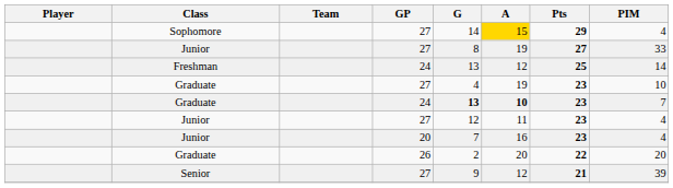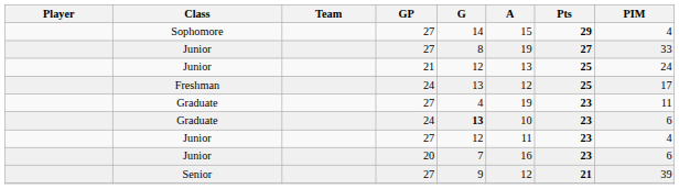 <table class="wikitable sortable" style="text-align: center; "width=60%">
 <tr>
 <th>Player</th>
 <th>Class</th>
 <th>Team</th>
 <th>GP</th>
 <th>G</th>
 <th>A</th>
 <th>Pts</th>
 <th>PIM</th>
 </tr>
 <tr>
 <td align=left></td>
 <td>Sophomore</td>
 <td><strong><a href='#'></a></strong></td>
 <td align=right>27</td>
 <td align=right>14</td>
-<td align=right style="background: gold;">15</td>
+<td align=right>15</td>
 <td align=right><strong>29</strong></td>
 <td align=right>4</td>
 </tr>
 <tr bgcolor=f0f0f0>
 <td align=left></td>
 <td>Junior</td>
 <td><strong><a href='#'></a></strong></td>
 <td align=right>27</td>
 <td align=right>8</td>
 <td align=right>19</td>
 <td align=right><strong>27</strong></td>
 <td align=right>33</td>
 </tr>
+<tr>
+<td align=left></td>
+<td>Junior</td>
+<td><strong><a href='#'></a></strong></td>
+<td align=right>21</td>
+<td align=right>12</td>
+<td align=right>13</td>
+<td align=right><strong>25</strong></td>
+<td align=right>24</td>
+</tr>
 <tr bgcolor=f0f0f0>
 <td align=left></td>
 <td>Freshman</td>
 <td><strong><a href='#'></a></strong></td>
 <td align=right>24</td>
 <td align=right>13</td>
 <td align=right>12</td>
 <td align=right><strong>25</strong></td>
-<td align=right>14</td>
+<td align=right>17</td>
 </tr>
 <tr>
 <td align=left></td>
 <td>Graduate</td>
 <td><strong><a href='#'></a></strong></td>
 <td align=right>27</td>
 <td align=right>4</td>
 <td align=right>19</td>
 <td align=right><strong>23</strong></td>
-<td align=right>10</td>
+<td align=right>11</td>
 </tr>
 <tr bgcolor=f0f0f0>
 <td align=left></td>
 <td>Graduate</td>
 <td><strong><a href='#'></a></strong></td>
 <td align=right>24</td>
 <td align=right><strong>13</strong></td>
-<td align=right><strong>10</strong></td>
+<td align=right>10</td>
 <td align=right><strong>23</strong></td>
-<td align=right>7</td>
+<td align=right>6</td>
 </tr>
 <tr>
 <td align=left></td>
 <td>Junior</td>
 <td><strong><a href='#'></a></strong></td>
 <td align=right>27</td>
 <td align=right>12</td>
 <td align=right>11</td>
 <td align=right><strong>23</strong></td>
 <td align=right>4</td>
 </tr>
 <tr bgcolor=f0f0f0>
 <td align=left></td>
 <td>Junior</td>
 <td><strong><a href='#'></a></strong></td>
 <td align=right>20</td>
 <td align=right>7</td>
 <td align=right>16</td>
 <td align=right><strong>23</strong></td>
-<td align=right>4</td>
-</tr>
-<tr>
-<td align=left></td>
-<td>Graduate</td>
-<td><strong><a href='#'></a></strong></td>
-<td align=right>26</td>
-<td align=right>2</td>
-<td align=right>20</td>
-<td align=right><strong>22</strong></td>
-<td align=right>20</td>
+<td align=right>6</td>
 </tr>
 <tr bgcolor=f0f0f0>
 <td align=left></td>
 <td>Senior</td>
 <td><strong><a href='#'></a></strong></td>
 <td align=right>27</td>
 <td align=right>9</td>
 <td align=right>12</td>
 <td align=right><strong>21</strong></td>
 <td align=right>39</td>
 </tr>
 <tr>
 </tr>
 </table>
